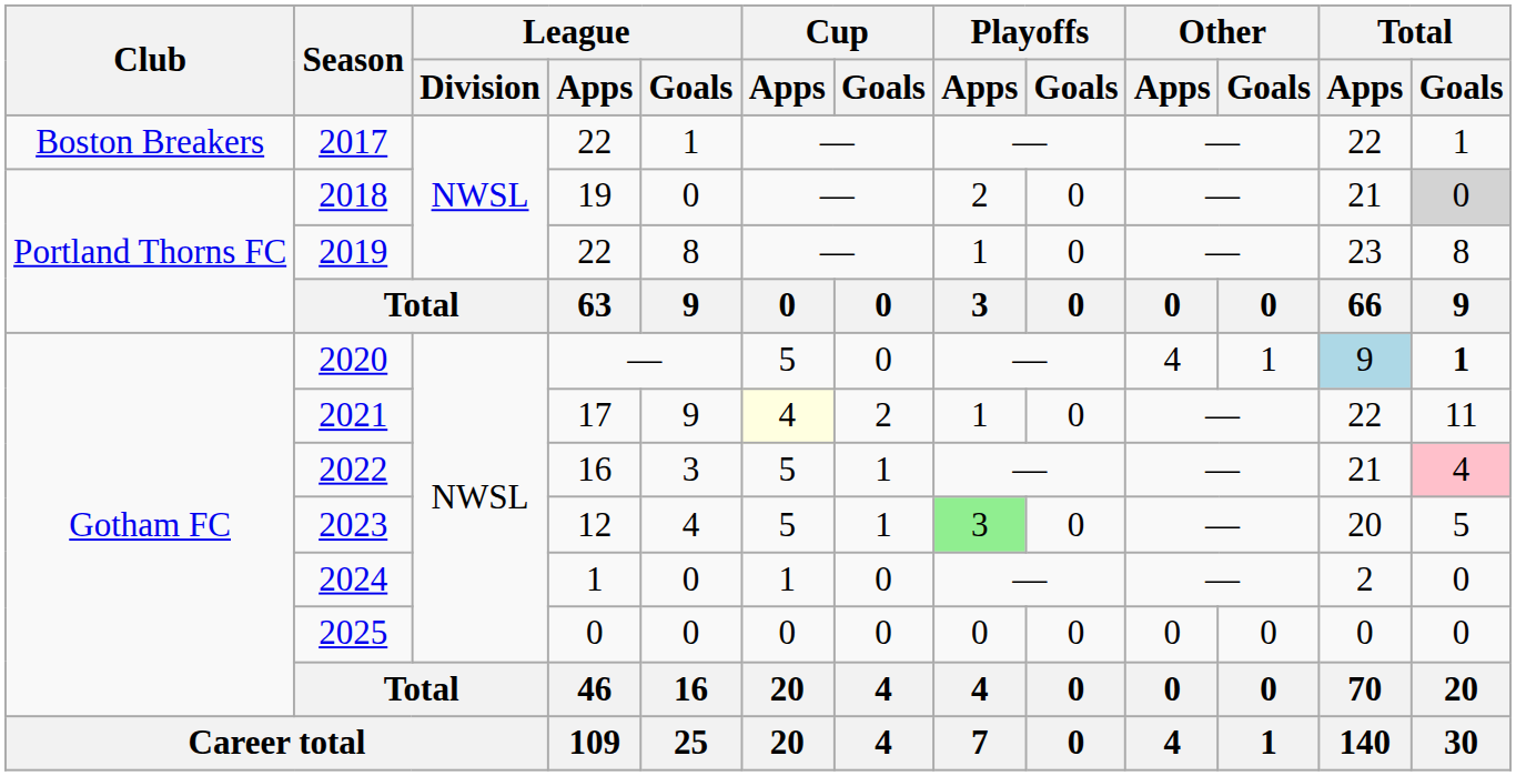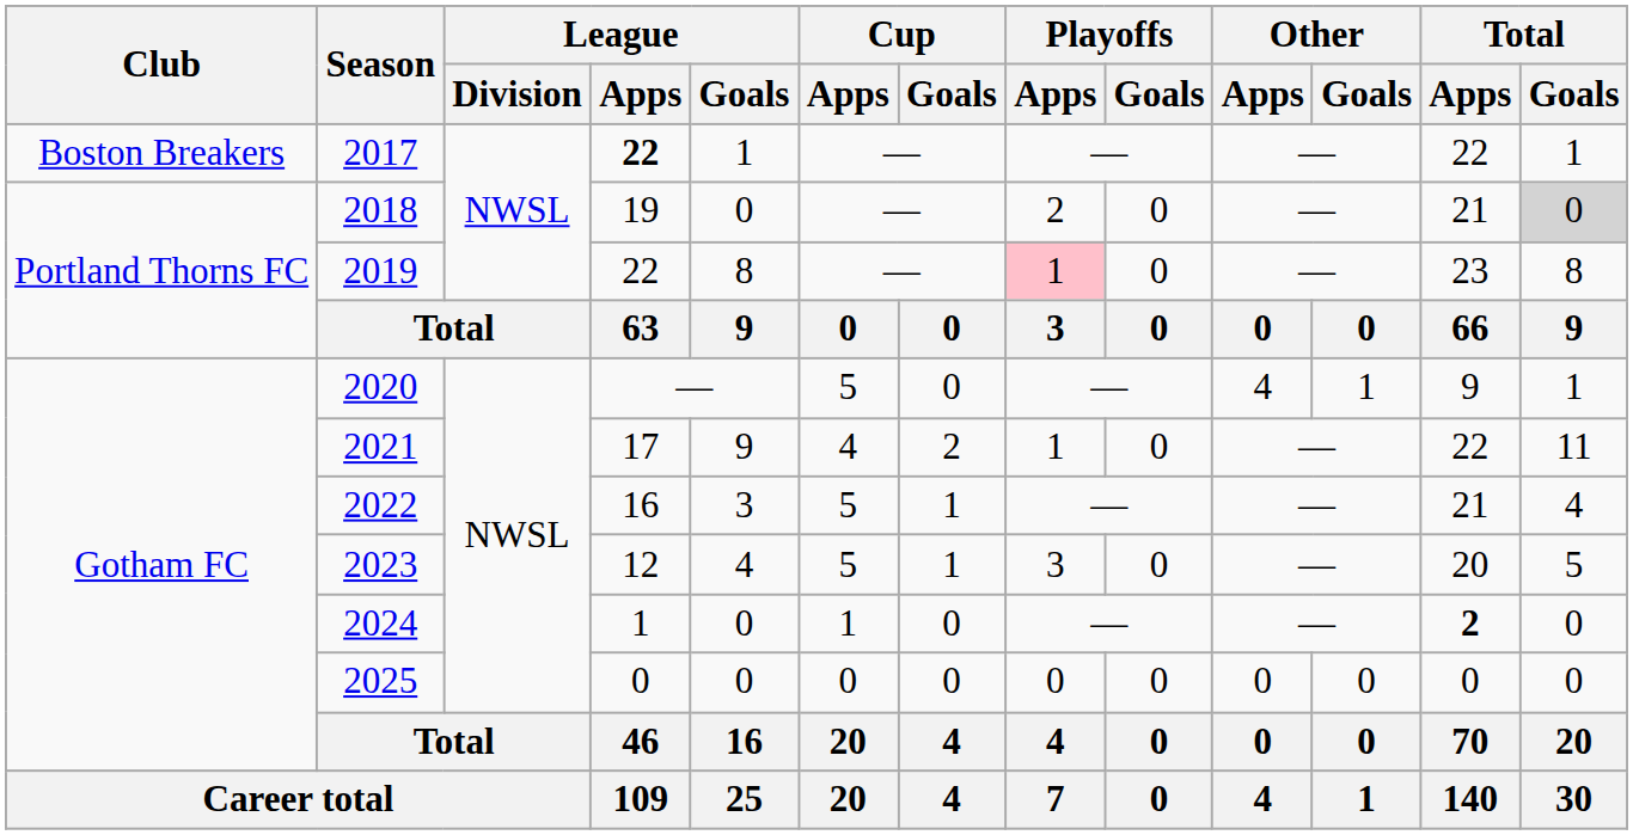 <table class="wikitable" style="text-align: center;">
 <tr>
 <th rowspan="2">Club</th>
 <th rowspan="2">Season</th>
 <th colspan="3">League</th>
 <th colspan="2">Cup</th>
 <th colspan="2">Playoffs</th>
 <th colspan="2">Other</th>
 <th colspan="2">Total</th>
 </tr>
 <tr>
 <th>Division</th>
 <th>Apps</th>
 <th>Goals</th>
 <th>Apps</th>
 <th>Goals</th>
 <th>Apps</th>
 <th>Goals</th>
 <th>Apps</th>
 <th>Goals</th>
 <th>Apps</th>
 <th>Goals</th>
 </tr>
 <tr>
 <td><a href='#'>Boston Breakers</a></td>
 <td><a href='#'>2017</a></td>
 <td rowspan="3"><a href='#'>NWSL</a></td>
-<td>22</td>
+<td><strong>22</strong></td>
 <td>1</td>
 <td colspan="2">—</td>
 <td colspan="2">—</td>
 <td colspan="2">—</td>
 <td>22</td>
 <td>1</td>
 </tr>
 <tr>
 <td rowspan="3"><a href='#'>Portland Thorns FC</a></td>
 <td><a href='#'>2018</a></td>
 <td>19</td>
 <td>0</td>
 <td colspan="2">—</td>
 <td>2</td>
 <td>0</td>
 <td colspan="2">—</td>
 <td>21</td>
 <td style="background: lightgrey;">0</td>
 </tr>
 <tr>
 <td><a href='#'>2019</a></td>
 <td>22</td>
 <td>8</td>
 <td colspan="2">—</td>
-<td>1</td>
+<td style="background: pink;">1</td>
 <td>0</td>
 <td colspan="2">—</td>
 <td>23</td>
 <td>8</td>
 </tr>
 <tr>
 <th colspan="2">Total</th>
 <th>63</th>
 <th>9</th>
 <th>0</th>
 <th>0</th>
 <th>3</th>
 <th>0</th>
 <th>0</th>
 <th>0</th>
 <th>66</th>
 <th>9</th>
 </tr>
 <tr>
 <td rowspan="7"><a href='#'>Gotham FC</a></td>
 <td><a href='#'>2020</a></td>
 <td rowspan="6">NWSL</td>
 <td colspan="2">—</td>
 <td>5</td>
 <td>0</td>
 <td colspan="2">—</td>
 <td>4</td>
 <td>1</td>
-<td style="background: lightblue;">9</td>
-<td><strong>1</strong></td>
+<td>9</td>
+<td>1</td>
 </tr>
 <tr>
 <td><a href='#'>2021</a></td>
 <td>17</td>
 <td>9</td>
-<td style="background: lightyellow;">4</td>
+<td>4</td>
 <td>2</td>
 <td>1</td>
 <td>0</td>
 <td colspan="2">—</td>
 <td>22</td>
 <td>11</td>
 </tr>
 <tr>
 <td><a href='#'>2022</a></td>
 <td>16</td>
 <td>3</td>
 <td>5</td>
 <td>1</td>
 <td colspan="2">—</td>
 <td colspan="2">—</td>
 <td>21</td>
-<td style="background: pink;">4</td>
+<td>4</td>
 </tr>
 <tr>
 <td><a href='#'>2023</a></td>
 <td>12</td>
 <td>4</td>
 <td>5</td>
 <td>1</td>
-<td style="background: lightgreen;">3</td>
+<td>3</td>
 <td>0</td>
 <td colspan="2">—</td>
 <td>20</td>
 <td>5</td>
 </tr>
 <tr>
 <td><a href='#'>2024</a></td>
 <td>1</td>
 <td>0</td>
 <td>1</td>
 <td>0</td>
 <td colspan="2">—</td>
 <td colspan="2">—</td>
-<td>2</td>
+<td><strong>2</strong></td>
 <td>0</td>
 </tr>
 <tr>
 <td><a href='#'>2025</a></td>
 <td>0</td>
 <td>0</td>
 <td>0</td>
 <td>0</td>
 <td>0</td>
 <td>0</td>
 <td>0</td>
 <td>0</td>
 <td>0</td>
 <td>0</td>
 </tr>
 <tr>
 <th colspan="2">Total</th>
 <th>46</th>
 <th>16</th>
 <th>20</th>
 <th>4</th>
 <th>4</th>
 <th>0</th>
 <th>0</th>
 <th>0</th>
 <th>70</th>
 <th>20</th>
 </tr>
 <tr>
 <th colspan="3">Career total</th>
 <th>109</th>
 <th>25</th>
 <th>20</th>
 <th>4</th>
 <th>7</th>
 <th>0</th>
 <th>4</th>
 <th>1</th>
 <th>140</th>
 <th>30</th>
 </tr>
 </table>
